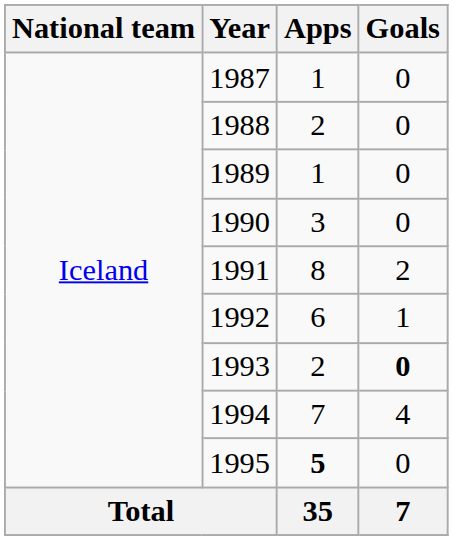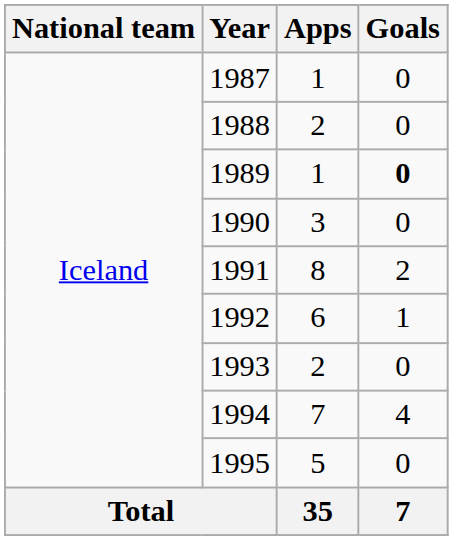 <table class=wikitable style="text-align: center">
 <tr>
 <th>National team</th>
 <th>Year</th>
 <th>Apps</th>
 <th>Goals</th>
 </tr>
 <tr>
 <td rowspan=9><a href='#'>Iceland</a></td>
 <td>1987</td>
 <td>1</td>
 <td>0</td>
 </tr>
 <tr>
 <td>1988</td>
 <td>2</td>
 <td>0</td>
 </tr>
 <tr>
 <td>1989</td>
 <td>1</td>
-<td>0</td>
+<td><strong>0</strong></td>
 </tr>
 <tr>
 <td>1990</td>
 <td>3</td>
 <td>0</td>
 </tr>
 <tr>
 <td>1991</td>
 <td>8</td>
 <td>2</td>
 </tr>
 <tr>
 <td>1992</td>
 <td>6</td>
 <td>1</td>
 </tr>
 <tr>
 <td>1993</td>
 <td>2</td>
-<td><strong>0</strong></td>
+<td>0</td>
 </tr>
 <tr>
 <td>1994</td>
 <td>7</td>
 <td>4</td>
 </tr>
 <tr>
 <td>1995</td>
-<td><strong>5</strong></td>
+<td>5</td>
 <td>0</td>
 </tr>
 <tr>
 <th colspan=2>Total</th>
 <th>35</th>
 <th>7</th>
 </tr>
 </table>
